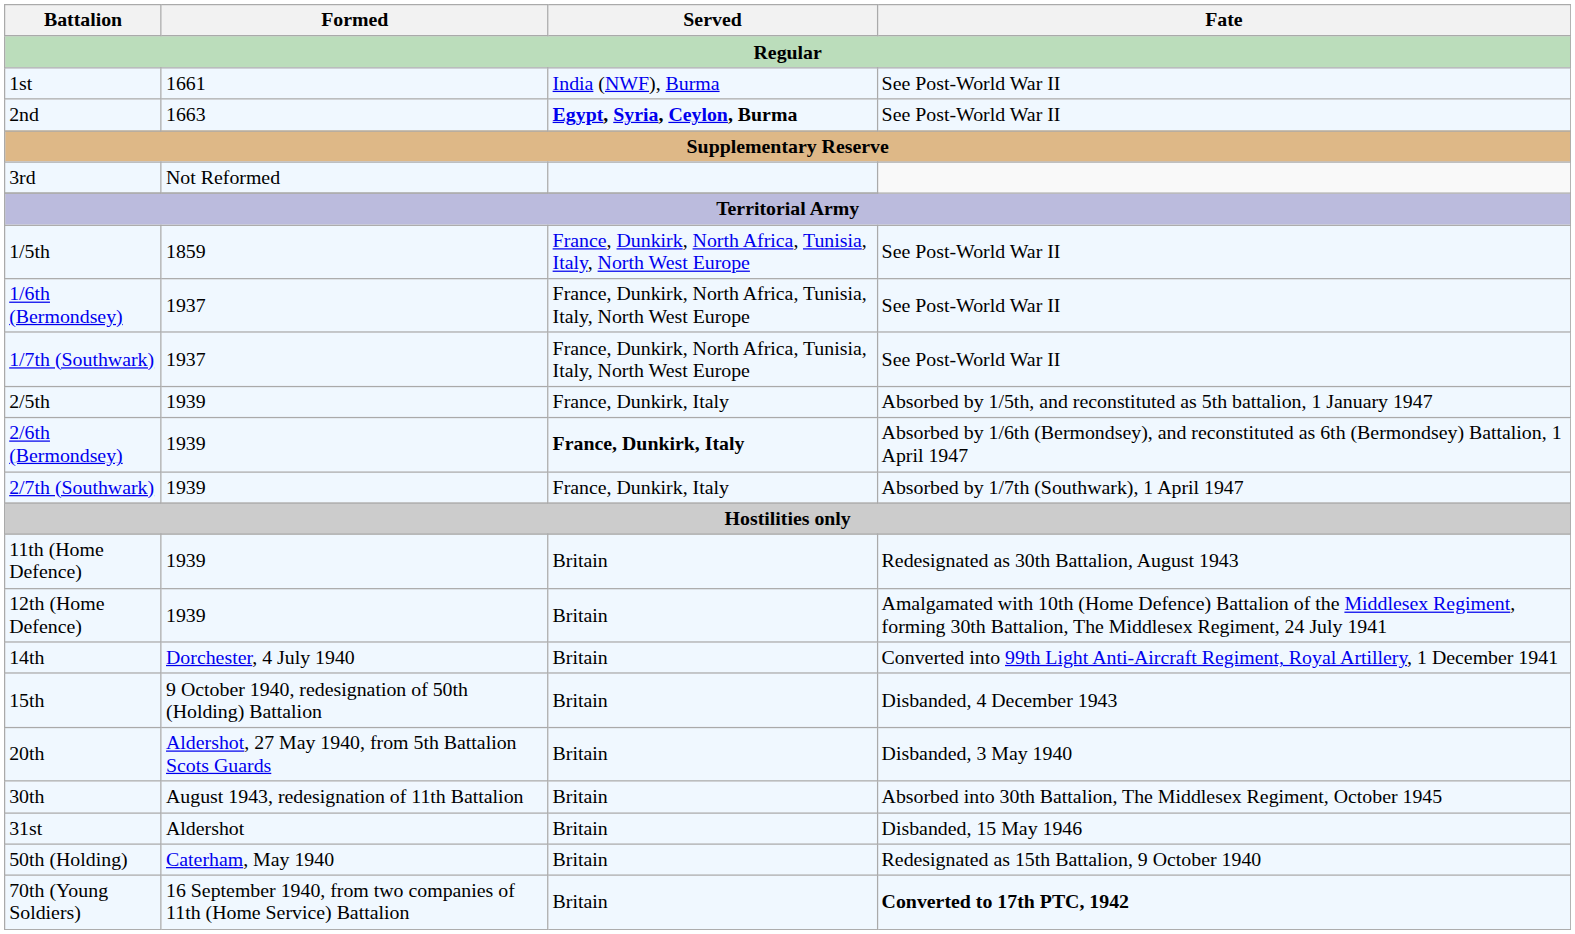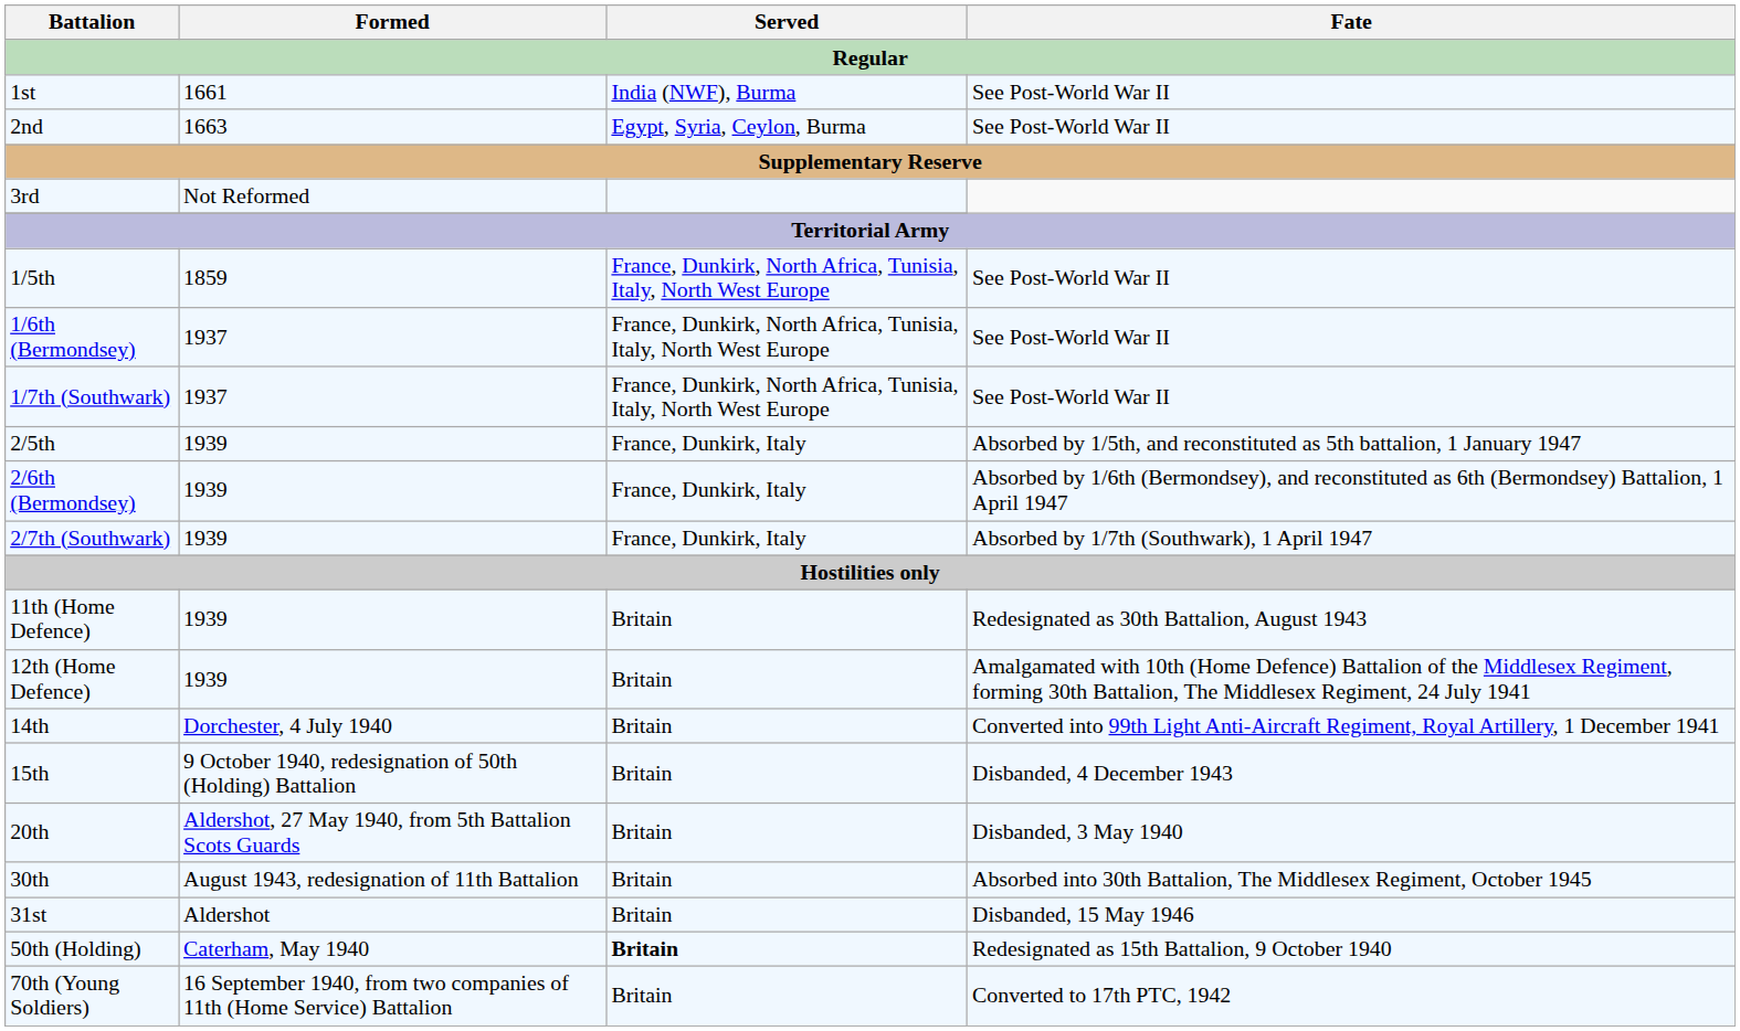 <table class="wikitable" style="width:100%;">
 <tr>
 <th>Battalion</th>
 <th>Formed</th>
 <th>Served</th>
 <th>Fate</th>
 </tr>
 <tr>
 <th colspan="5" style="background:#bdb;">Regular</th>
 </tr>
 <tr style="background:#f0f8ff;">
 <td>1st</td>
 <td>1661</td>
 <td><a href='#'>India</a> (<a href='#'>NWF</a>), <a href='#'>Burma</a></td>
 <td>See Post-World War II</td>
 </tr>
 <tr style="background:#f0f8ff;">
 <td>2nd</td>
 <td>1663</td>
-<td><strong><a href='#'>Egypt</a>, <a href='#'>Syria</a>, <a href='#'>Ceylon</a>, Burma</strong></td>
+<td><a href='#'>Egypt</a>, <a href='#'>Syria</a>, <a href='#'>Ceylon</a>, Burma</td>
 <td>See Post-World War II</td>
 </tr>
 <tr>
 <th colspan="5" style="background:#deb887;">Supplementary Reserve</th>
 </tr>
 <tr style="background:#f0f8ff;">
 <td>3rd</td>
 <td>Not Reformed</td>
 <td></td>
 </tr>
 <tr>
 </tr>
 <tr>
 <th colspan="6" style="background:#bbd;">Territorial Army</th>
 </tr>
 <tr style="background:#f0f8ff;">
 <td>1/5th</td>
 <td>1859</td>
 <td><a href='#'>France</a>, <a href='#'>Dunkirk</a>, <a href='#'>North Africa</a>, <a href='#'>Tunisia</a>, <a href='#'>Italy</a>, <a href='#'>North West Europe</a></td>
 <td>See Post-World War II</td>
 </tr>
 <tr style="background:#f0f8ff;">
 <td><a href='#'>1/6th (Bermondsey)</a></td>
 <td>1937</td>
 <td>France, Dunkirk, North Africa, Tunisia, Italy, North West Europe</td>
 <td>See Post-World War II</td>
 </tr>
 <tr style="background:#f0f8ff;">
 <td><a href='#'>1/7th (Southwark)</a></td>
 <td>1937</td>
 <td>France, Dunkirk, North Africa, Tunisia, Italy, North West Europe</td>
 <td>See Post-World War II</td>
 </tr>
 <tr style="background:#f0f8ff;">
 <td>2/5th</td>
 <td>1939</td>
 <td>France, Dunkirk, Italy</td>
 <td>Absorbed by 1/5th, and reconstituted as 5th battalion, 1 January 1947</td>
 </tr>
 <tr style="background:#f0f8ff;">
 <td><a href='#'>2/6th (Bermondsey)</a></td>
 <td>1939</td>
-<td><strong>France, Dunkirk, Italy</strong></td>
+<td>France, Dunkirk, Italy</td>
 <td>Absorbed by 1/6th (Bermondsey), and reconstituted as 6th (Bermondsey) Battalion, 1 April 1947</td>
 </tr>
 <tr style="background:#f0f8ff;">
 <td><a href='#'>2/7th (Southwark)</a></td>
 <td>1939</td>
 <td>France, Dunkirk, Italy</td>
 <td>Absorbed by 1/7th (Southwark), 1 April 1947</td>
 </tr>
 <tr>
 <th colspan="6" style="background:#ccc;">Hostilities only</th>
 </tr>
 <tr style="background:#f0f8ff;">
 <td>11th (Home Defence)</td>
 <td>1939</td>
 <td>Britain</td>
 <td>Redesignated as 30th Battalion, August 1943</td>
 </tr>
 <tr style="background:#f0f8ff;">
 <td>12th (Home Defence)</td>
 <td>1939</td>
 <td>Britain</td>
 <td>Amalgamated with 10th (Home Defence) Battalion of the <a href='#'>Middlesex Regiment</a>, forming 30th Battalion, The Middlesex Regiment, 24 July 1941</td>
 </tr>
 <tr style="background:#f0f8ff;">
 <td>14th</td>
 <td><a href='#'>Dorchester</a>, 4 July 1940</td>
 <td>Britain</td>
 <td>Converted into <a href='#'>99th Light Anti-Aircraft Regiment, Royal Artillery</a>, 1 December 1941</td>
 </tr>
 <tr style="background:#f0f8ff;">
 <td>15th</td>
 <td>9 October 1940, redesignation of 50th (Holding) Battalion</td>
 <td>Britain</td>
 <td>Disbanded, 4 December 1943</td>
 </tr>
 <tr style="background:#f0f8ff;">
 <td>20th</td>
 <td><a href='#'>Aldershot</a>, 27 May 1940, from 5th Battalion <a href='#'>Scots Guards</a></td>
 <td>Britain</td>
 <td>Disbanded, 3 May 1940</td>
 </tr>
 <tr style="background:#f0f8ff;">
 <td>30th</td>
 <td>August 1943, redesignation of 11th Battalion</td>
 <td>Britain</td>
 <td>Absorbed into 30th Battalion, The Middlesex Regiment, October 1945</td>
 </tr>
 <tr style="background:#f0f8ff;">
 <td>31st</td>
 <td>Aldershot</td>
 <td>Britain</td>
 <td>Disbanded, 15 May 1946</td>
 </tr>
 <tr style="background:#f0f8ff;">
 <td>50th (Holding)</td>
 <td><a href='#'>Caterham</a>, May 1940</td>
-<td>Britain</td>
+<td><strong>Britain</strong></td>
 <td>Redesignated as 15th Battalion, 9 October 1940</td>
 </tr>
 <tr style="background:#f0f8ff;">
 <td>70th (Young Soldiers)</td>
 <td>16 September 1940, from two companies of 11th (Home Service) Battalion</td>
 <td>Britain</td>
-<td><strong>Converted to 17th PTC, 1942</strong></td>
+<td>Converted to 17th PTC, 1942</td>
 </tr>
 </table>
